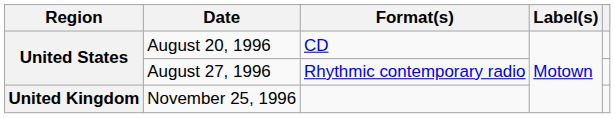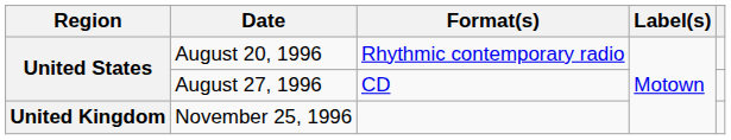 <table class="wikitable plainrowheaders">
 <tr>
 <th scope="col">Region</th>
 <th scope="col">Date</th>
 <th scope="col">Format(s)</th>
 <th scope="col">Label(s)</th>
 <th scope="col"></th>
 </tr>
 <tr>
 <th rowspan="2" scope="row">United States</th>
 <td>August 20, 1996</td>
-<td><a href='#'>CD</a></td>
+<td><a href='#'>Rhythmic contemporary radio</a></td>
 <td rowspan="3"><a href='#'>Motown</a></td>
 <td align="center"></td>
 </tr>
 <tr>
 <td>August 27, 1996</td>
-<td><a href='#'>Rhythmic contemporary radio</a></td>
+<td><a href='#'>CD</a></td>
 <td align="center"></td>
 </tr>
 <tr>
 <th scope="row">United Kingdom</th>
 <td>November 25, 1996</td>
 <td></td>
 <td align="center"></td>
 </tr>
 </table>
